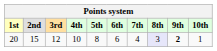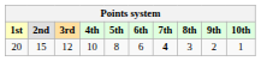 <table class="wikitable" style="font-size: 85%; text-align: center;">
 <tr>
 <th colspan=19>Points system</th>
 </tr>
 <tr>
 <td style="background:#ffffbf;"> <strong>1st</strong> </td>
 <td style="background:#dfdfdf;"> <strong>2nd</strong> </td>
 <td style="background:#ffdf9f;"> <strong>3rd</strong> </td>
 <td style="background:#dfffdf;"> <strong>4th</strong> </td>
 <td style="background:#dfffdf;"> <strong>5th</strong> </td>
 <td style="background:#dfffdf;"> <strong>6th</strong> </td>
 <td style="background:#dfffdf;"> <strong>7th</strong> </td>
 <td style="background:#dfffdf;"> <strong>8th</strong> </td>
 <td style="background:#dfffdf;"> <strong>9th</strong> </td>
 <td style="background:#dfffdf;"> <strong>10th</strong> </td>
 </tr>
 <tr>
 <td>20</td>
 <td>15</td>
 <td>12</td>
 <td>10</td>
 <td>8</td>
 <td>6</td>
-<td>4</td>
-<td style="background: lavender;">3</td>
-<td><strong>2</strong></td>
+<td><strong>4</strong></td>
+<td>3</td>
+<td>2</td>
 <td>1</td>
 </tr>
 </table>
